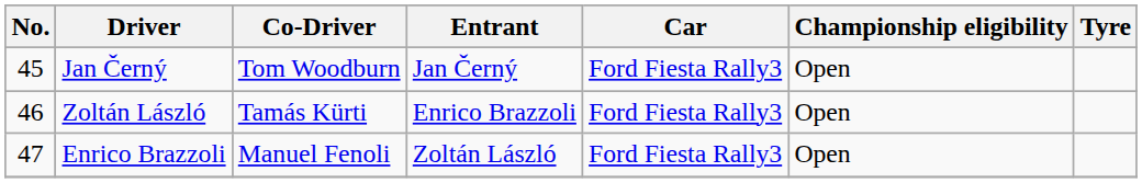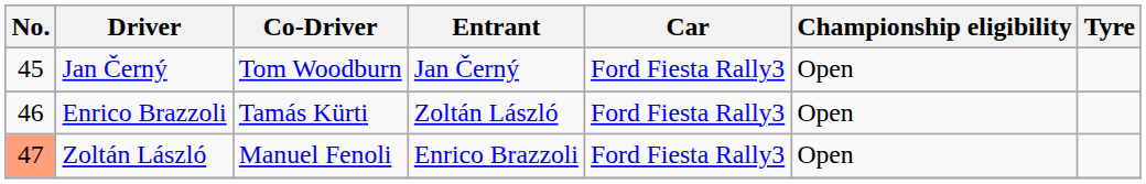 <table class="wikitable" style="font-size: 85%;">
 <tr>
 <th>No.</th>
 <th>Driver</th>
 <th>Co-Driver</th>
 <th>Entrant</th>
 <th>Car</th>
 <th>Championship eligibility</th>
 <th>Tyre</th>
 </tr>
 <tr>
 <td align="center">45</td>
 <td> <a href='#'>Jan Černý</a></td>
 <td> <a href='#'>Tom Woodburn</a></td>
 <td> <a href='#'>Jan Černý</a></td>
 <td><a href='#'>Ford Fiesta Rally3</a></td>
 <td>Open</td>
 <td align="center"></td>
 </tr>
 <tr>
 <td align="center">46</td>
+<td> <a href='#'>Enrico Brazzoli</a></td>
+<td> <a href='#'>Tamás Kürti</a></td>
 <td> <a href='#'>Zoltán László</a></td>
-<td> <a href='#'>Tamás Kürti</a></td>
-<td> <a href='#'>Enrico Brazzoli</a></td>
 <td><a href='#'>Ford Fiesta Rally3</a></td>
 <td>Open</td>
 <td align="center"></td>
 </tr>
 <tr>
-<td align="center">47</td>
+<td align="center" style="background: lightsalmon;">47</td>
+<td> <a href='#'>Zoltán László</a></td>
+<td> <a href='#'>Manuel Fenoli</a></td>
 <td> <a href='#'>Enrico Brazzoli</a></td>
-<td> <a href='#'>Manuel Fenoli</a></td>
-<td> <a href='#'>Zoltán László</a></td>
 <td><a href='#'>Ford Fiesta Rally3</a></td>
 <td>Open</td>
 <td align="center"></td>
 </tr>
 <tr>
 </tr>
 </table>
